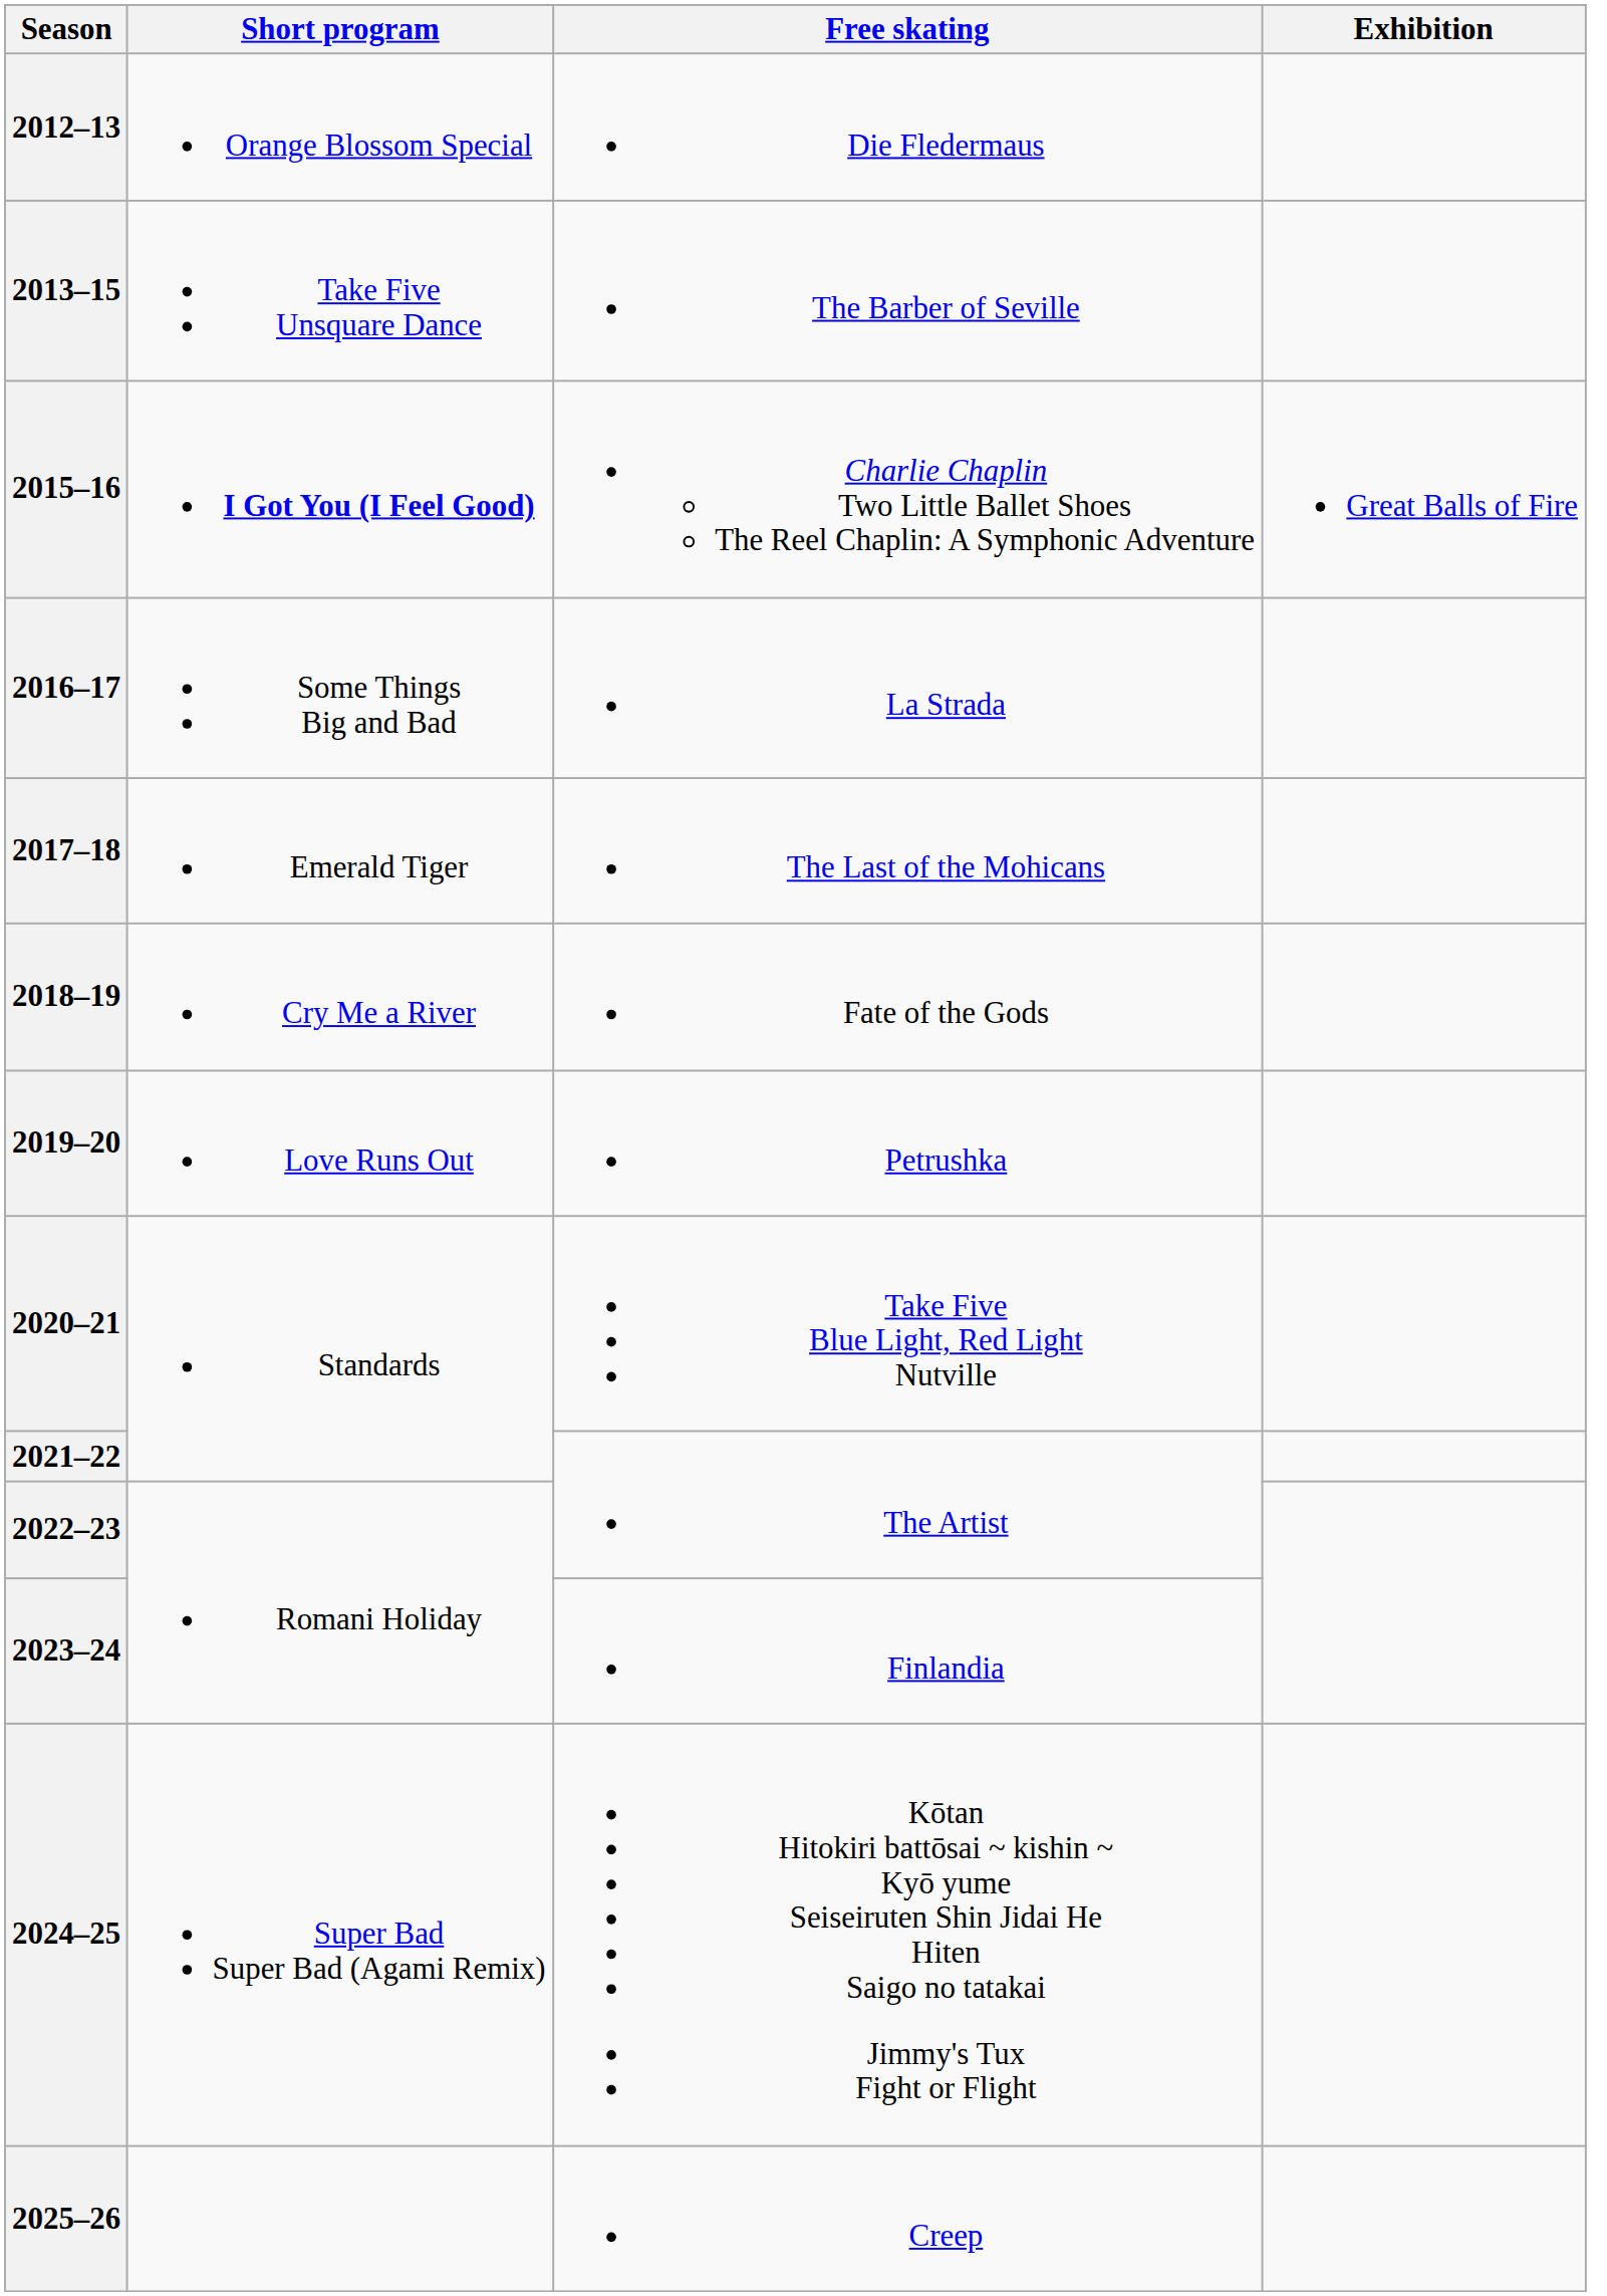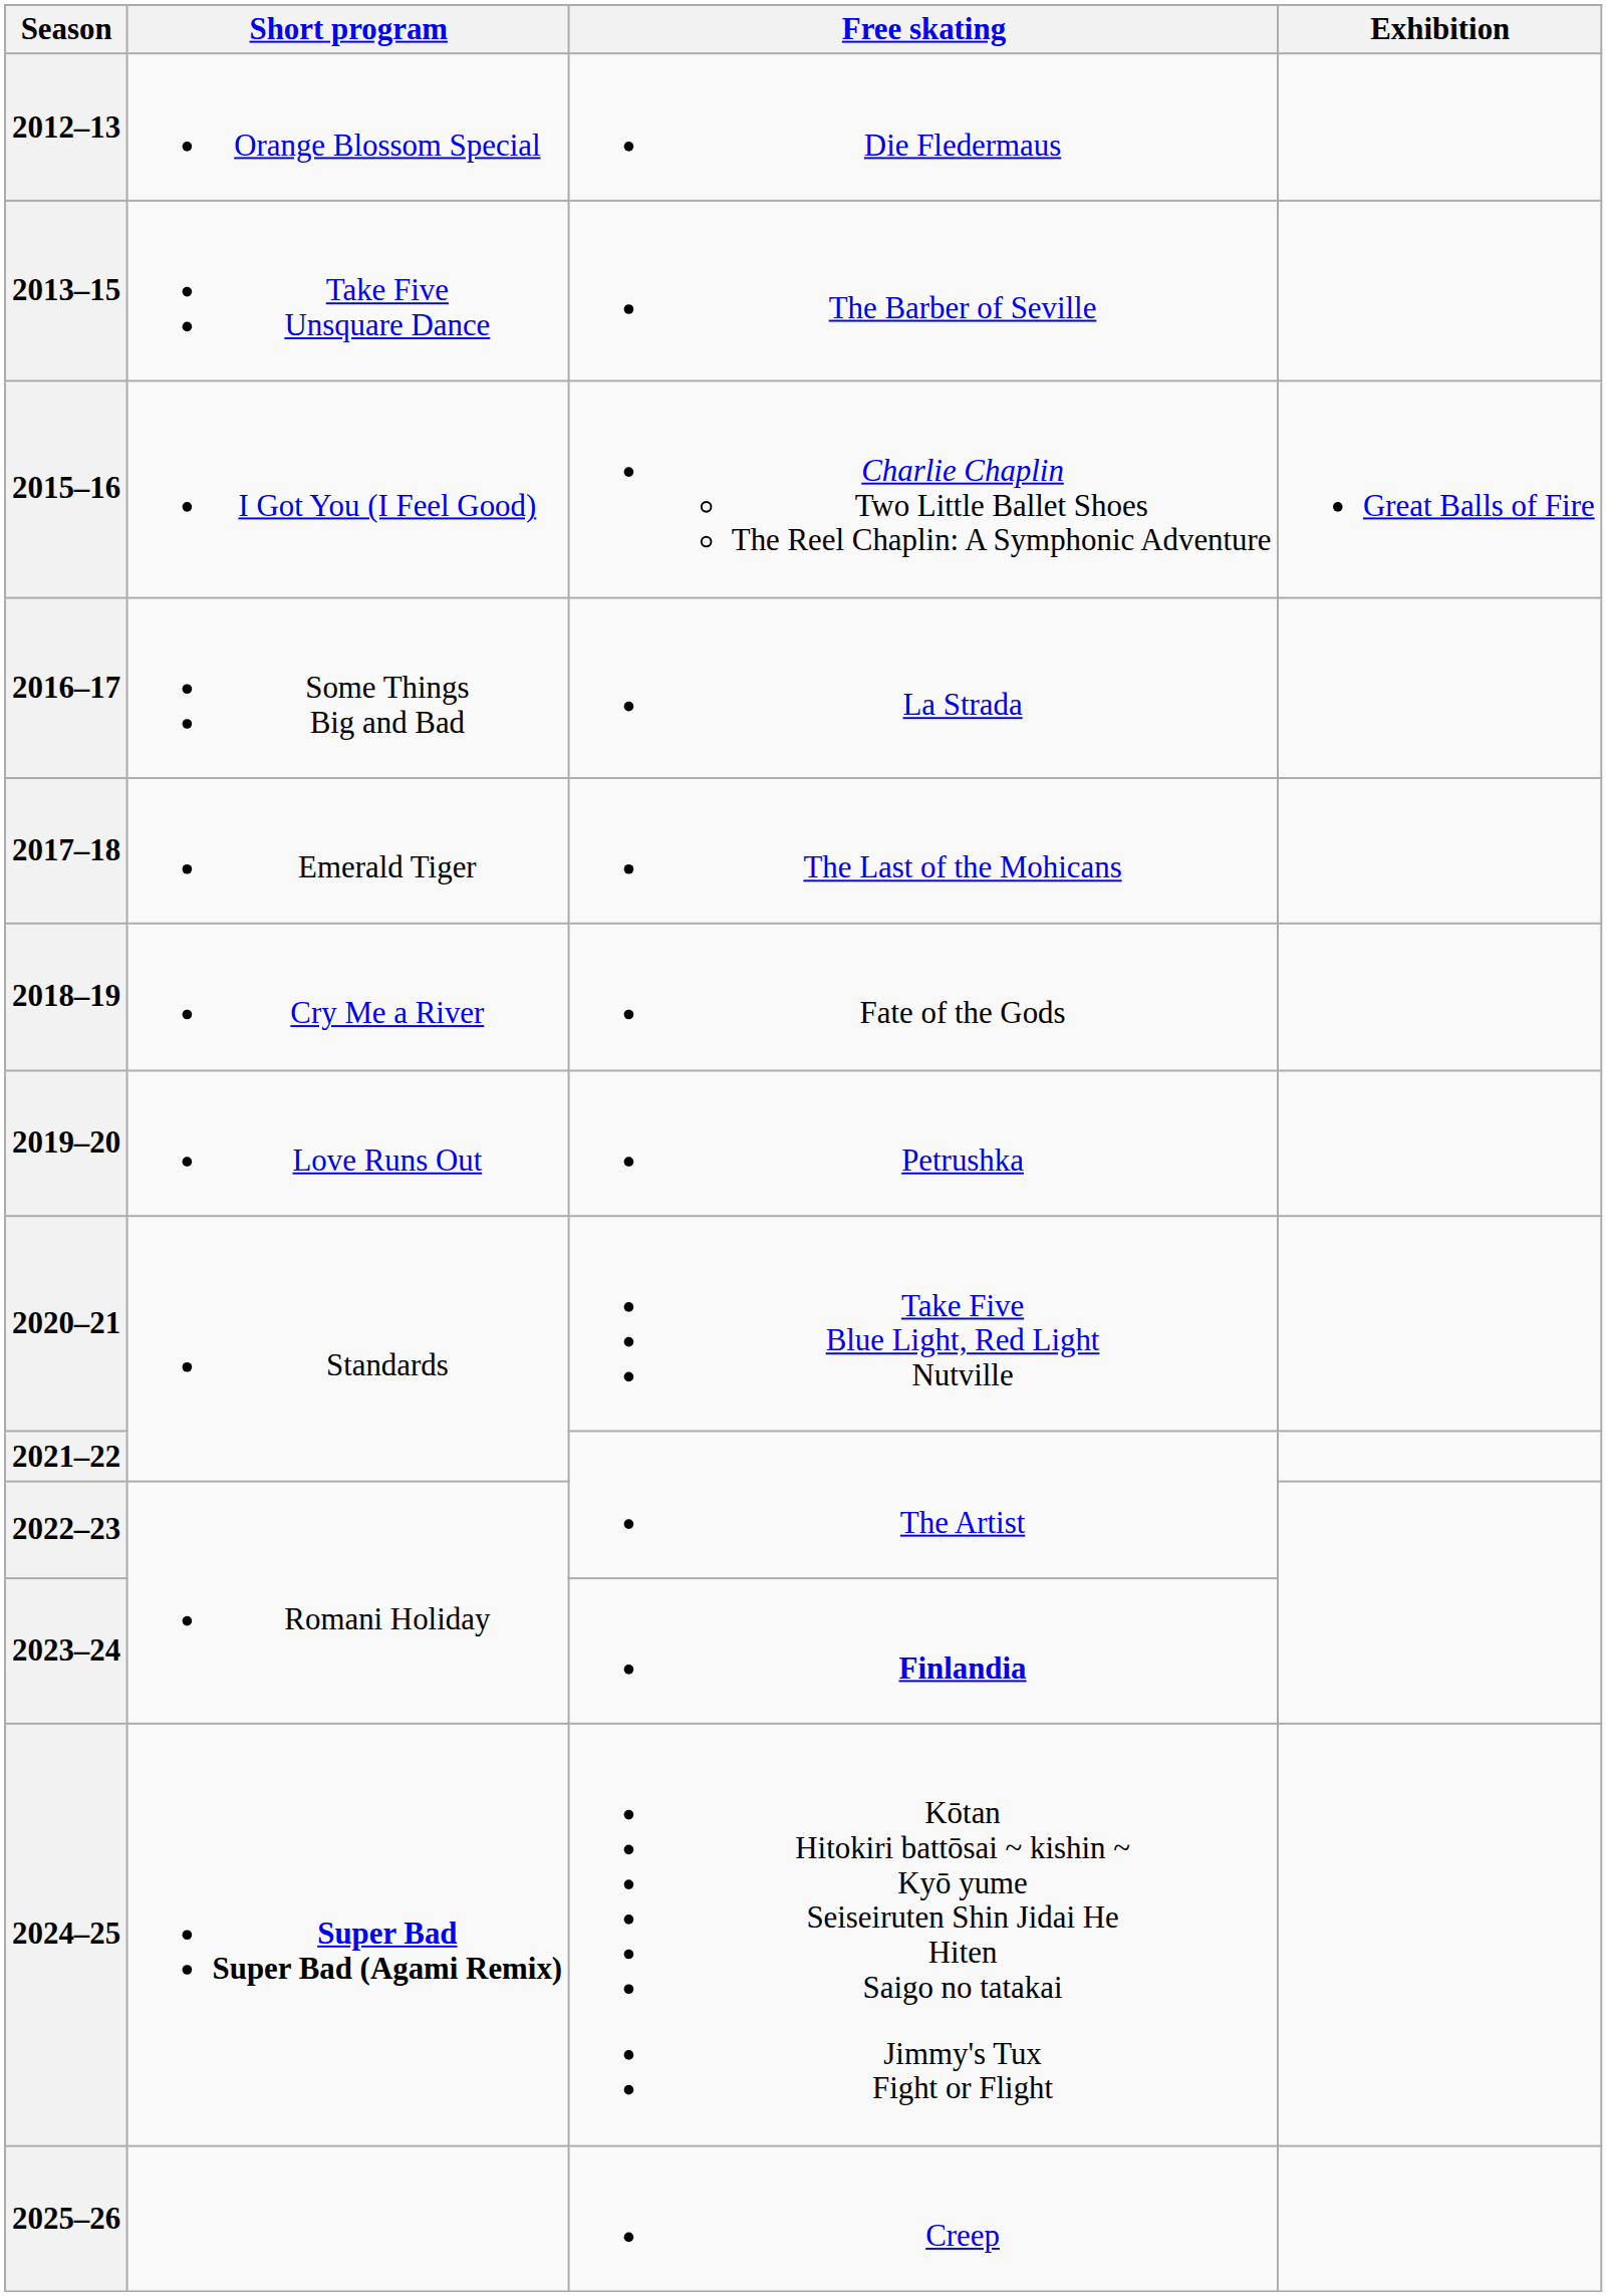 <table class=wikitable style=text-align:center>
 <tr>
 <th>Season</th>
 <th><a href='#'>Short program</a></th>
 <th><a href='#'>Free skating</a></th>
 <th>Exhibition</th>
 </tr>
 <tr>
 <th>2012–13 <br></th>
 <td><br><ul><li><a href='#'>Orange Blossom Special</a> <br></li></ul></td>
 <td><br><ul><li><a href='#'>Die Fledermaus</a> <br></li></ul></td>
 <td></td>
 </tr>
 <tr>
 <th>2013–15 <br></th>
 <td><br><ul><li><a href='#'>Take Five</a></li><li><a href='#'>Unsquare Dance</a> <br></li></ul></td>
 <td><br><ul><li><a href='#'>The Barber of Seville</a> <br></li></ul></td>
 <td></td>
 </tr>
 <tr>
 <th>2015–16 <br></th>
-<td><strong><br><ul><li><a href='#'>I Got You (I Feel Good)</a> <br></li></ul></strong></td>
+<td><br><ul><li><a href='#'>I Got You (I Feel Good)</a> <br></li></ul></td>
 <td><br><ul><li><em><a href='#'>Charlie Chaplin</a></em><ul><li>Two Little Ballet Shoes <br></li><li>The Reel Chaplin: A Symphonic Adventure <br></li></ul></li></ul></td>
 <td><br><ul><li><a href='#'>Great Balls of Fire</a> <br></li></ul></td>
 </tr>
 <tr>
 <th>2016–17 <br></th>
 <td><br><ul><li>Some Things <br></li><li>Big and Bad <br></li></ul></td>
 <td><br><ul><li><a href='#'>La Strada</a> <br></li></ul></td>
 <td></td>
 </tr>
 <tr>
 <th>2017–18 <br></th>
 <td><br><ul><li>Emerald Tiger <br></li></ul></td>
 <td><br><ul><li><a href='#'>The Last of the Mohicans</a> <br></li></ul></td>
 <td></td>
 </tr>
 <tr>
 <th>2018–19 <br></th>
 <td><br><ul><li><a href='#'>Cry Me a River</a> <br></li></ul></td>
 <td><br><ul><li>Fate of the Gods <br></li></ul></td>
 <td></td>
 </tr>
 <tr>
 <th>2019–20 <br></th>
 <td><br><ul><li><a href='#'>Love Runs Out</a> <br></li></ul></td>
 <td><br><ul><li><a href='#'>Petrushka</a> <br></li></ul></td>
 <td></td>
 </tr>
 <tr>
 <th>2020–21 <br> </th>
 <td rowspan=2><br><ul><li>Standards <br></li></ul></td>
 <td><br><ul><li><a href='#'>Take Five</a> <br></li><li><a href='#'>Blue Light, Red Light</a> <br> </li><li>Nutville <br> </li></ul></td>
 <td></td>
 </tr>
 <tr>
 <th>2021–22 <br> </th>
 <td rowspan=2><br><ul><li><a href='#'>The Artist</a> <br></li></ul></td>
 <td></td>
 </tr>
 <tr>
 <th>2022–23 <br> </th>
 <td rowspan=2><br><ul><li>Romani Holiday <br></li></ul></td>
 </tr>
 <tr>
 <th>2023–24 <br> </th>
-<td><br><ul><li><a href='#'>Finlandia</a> <br></li></ul></td>
+<td><strong><br><ul><li><a href='#'>Finlandia</a> <br></li></ul></strong></td>
 </tr>
 <tr>
 <th>2024–25 <br> </th>
-<td><br><ul><li><a href='#'>Super Bad</a> <br> </li><li>Super Bad (Agami Remix) <br> </li></ul></td>
+<td><strong><br><ul><li><a href='#'>Super Bad</a> <br> </li><li>Super Bad (Agami Remix) <br> </li></ul></strong></td>
 <td><br><ul><li>Kōtan <br> </li><li>Hitokiri battōsai ~ kishin ~ <br> </li><li>Kyō yume <br> </li><li>Seiseiruten Shin Jidai He</li><li>Hiten <br></li><li>Saigo no tatakai <br> </li></ul><ul><li>Jimmy's Tux <br> </li><li>Fight or Flight <br> </li></ul></td>
 <td></td>
 </tr>
 <tr>
 <th>2025–26 <br> </th>
 <td></td>
 <td><br><ul><li><a href='#'>Creep</a> <br> </li></ul></td>
 <td></td>
 </tr>
 </table>
